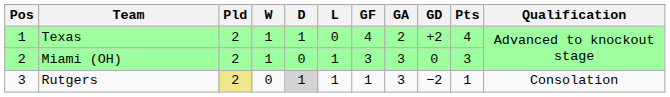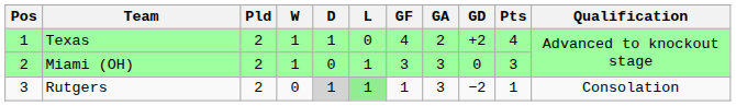 <table class="wikitable" style="text-align:center; margin: 1em auto">
 <tr>
 <th style="width:2em">Pos</th>
 <th style="width:13em">Team</th>
 <th style="width:2em">Pld</th>
 <th style="width:2em">W</th>
 <th style="width:2em">D</th>
 <th style="width:2em">L</th>
 <th style="width:2em">GF</th>
 <th style="width:2em">GA</th>
 <th style="width:2em">GD</th>
 <th style="width:2em">Pts</th>
 <th style="width:13em">Qualification</th>
 </tr>
 <tr bgcolor="#9eff9e">
 <td>1</td>
 <td style="text-align:left">Texas</td>
 <td>2</td>
 <td>1</td>
 <td>1</td>
 <td>0</td>
 <td>4</td>
 <td>2</td>
 <td>+2</td>
 <td>4</td>
 <td rowspan="2">Advanced to knockout stage</td>
 </tr>
 <tr bgcolor="#9eff9e">
 <td>2</td>
 <td style="text-align:left">Miami (OH)</td>
 <td>2</td>
 <td>1</td>
 <td>0</td>
 <td>1</td>
 <td>3</td>
 <td>3</td>
 <td>0</td>
 <td>3</td>
 </tr>
 <tr>
 <td>3</td>
 <td style="text-align:left">Rutgers</td>
-<td style="background: khaki;">2</td>
+<td>2</td>
 <td>0</td>
 <td style="background: lightgrey;">1</td>
-<td>1</td>
+<td style="background: lightgreen;">1</td>
 <td>1</td>
 <td>3</td>
 <td>−2</td>
 <td>1</td>
 <td>Consolation</td>
 </tr>
 </table>
